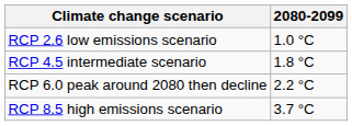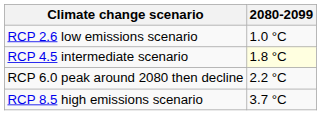 <table class="wikitable">
 <tr>
 <th>Climate change scenario</th>
 <th>2080-2099</th>
 </tr>
 <tr>
 <td><a href='#'>RCP 2.6</a> low emissions scenario</td>
 <td>1.0 °C</td>
 </tr>
 <tr>
 <td><a href='#'>RCP 4.5</a> intermediate scenario</td>
-<td>1.8 °C</td>
+<td style="background: lightyellow;">1.8 °C</td>
 </tr>
 <tr>
 <td>RCP 6.0 peak around 2080 then decline</td>
 <td>2.2 °C</td>
 </tr>
 <tr>
 <td><a href='#'>RCP 8.5</a> high emissions scenario</td>
 <td>3.7 °C</td>
 </tr>
 </table>
